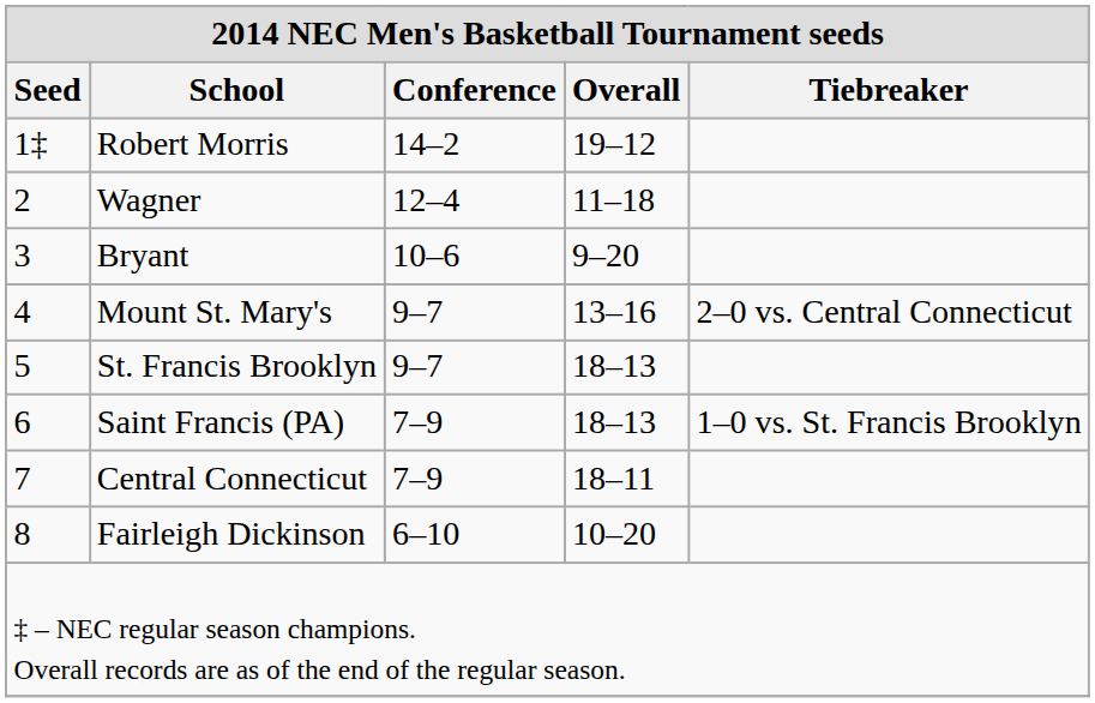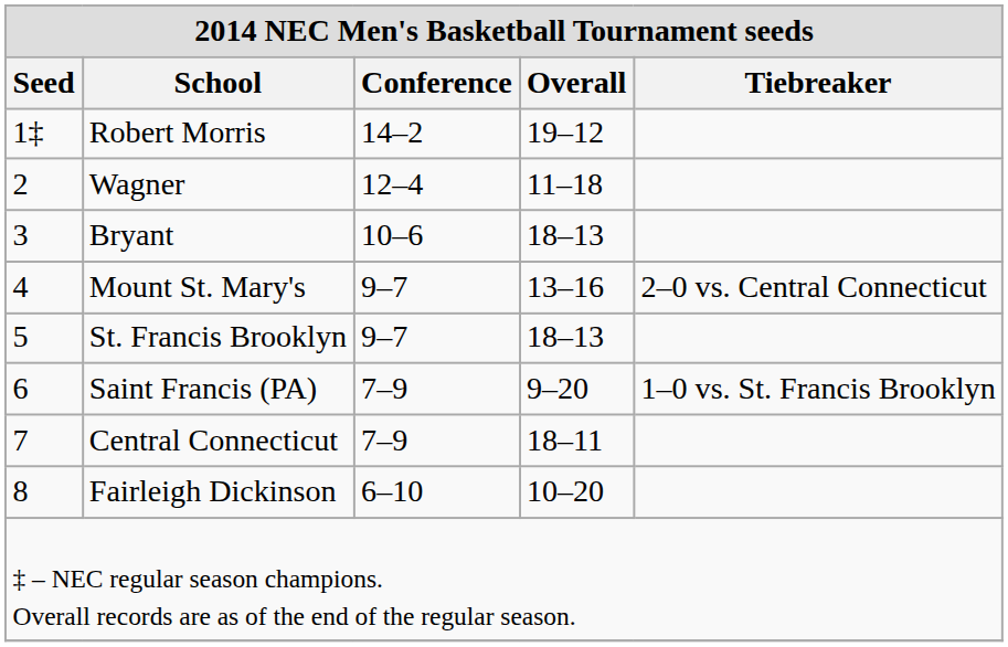 <table class="wikitable" style="white-space:nowrap; font-size:90%;">
 <tr>
 <td colspan="7" style="text-align:center; background:#DDDDDD; font:#000000"><strong>2014 NEC Men's Basketball Tournament seeds</strong></td>
 </tr>
 <tr bgcolor="#efefef">
 <th>Seed</th>
 <th>School</th>
 <th>Conference</th>
 <th>Overall</th>
 <th>Tiebreaker</th>
 </tr>
 <tr>
 <td>1‡</td>
 <td>Robert Morris</td>
 <td>14–2</td>
 <td>19–12</td>
 <td></td>
 </tr>
 <tr>
 <td>2</td>
 <td>Wagner</td>
 <td>12–4</td>
 <td>11–18</td>
 <td></td>
 </tr>
 <tr>
 <td>3</td>
 <td>Bryant</td>
 <td>10–6</td>
-<td>9–20</td>
+<td>18–13</td>
 <td></td>
 </tr>
 <tr>
 <td>4</td>
 <td>Mount St. Mary's</td>
 <td>9–7</td>
 <td>13–16</td>
 <td>2–0 vs. Central Connecticut</td>
 </tr>
 <tr>
 <td>5</td>
 <td>St. Francis Brooklyn</td>
 <td>9–7</td>
 <td>18–13</td>
 <td></td>
 </tr>
 <tr>
 <td>6</td>
 <td>Saint Francis (PA)</td>
 <td>7–9</td>
-<td>18–13</td>
+<td>9–20</td>
 <td>1–0 vs. St. Francis Brooklyn</td>
 </tr>
 <tr>
 <td>7</td>
 <td>Central Connecticut</td>
 <td>7–9</td>
 <td>18–11</td>
 <td></td>
 </tr>
 <tr>
 <td>8</td>
 <td>Fairleigh Dickinson</td>
 <td>6–10</td>
 <td>10–20</td>
 <td></td>
 </tr>
 <tr>
 <td colspan="6" style="text-align:left;"><small> <br>‡ – NEC regular season champions.<br>Overall records are as of the end of the regular season.</small></td>
 </tr>
 <tr>
 </tr>
 </table>
